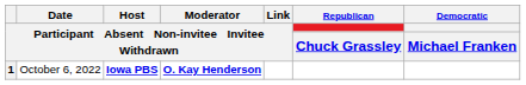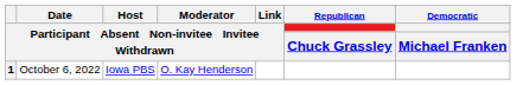 <table class="wikitable"  style="text-align:center;">
 <tr style="font-size:small;">
 <th scope="col"></th>
 <th scope="col">Date</th>
 <th scope="col">Host</th>
 <th scope="col">Moderator</th>
 <th scope="col">Link</th>
 <th scope="col"><small><a href='#'>Republican</a></small></th>
 <th scope="col"><small><a href='#'>Democratic</a></small></th>
 </tr>
 <tr>
 <th colspan="5" rowspan="2"> <small>Participant  </small> <small>Absent  </small> <small>Non-invitee  </small> <small>Invitee</small><br><small> Withdrawn</small></th>
 <th scope="col" style="background:#E81B23;"></th>
 <th scope="col" style="background:"></th>
 </tr>
 <tr>
 <th scope="col"><a href='#'>Chuck Grassley</a></th>
 <th scope="col"><a href='#'>Michael Franken</a></th>
 </tr>
 <tr style="background:#FFFFFF;font-size:small;">
 <th scope="row">1</th>
 <td style="white-space:nowrap;">October 6, 2022</td>
-<td style="white-space:nowrap;"><strong><a href='#'>Iowa PBS</a></strong></td>
-<td style="white-space:nowrap;"><strong><a href='#'>O. Kay Henderson</a></strong></td>
+<td style="white-space:nowrap;"><a href='#'>Iowa PBS</a></td>
+<td style="white-space:nowrap;"><a href='#'>O. Kay Henderson</a></td>
 <td style="white-space:nowrap;"></td>
 <td></td>
 <td></td>
 </tr>
 </table>
